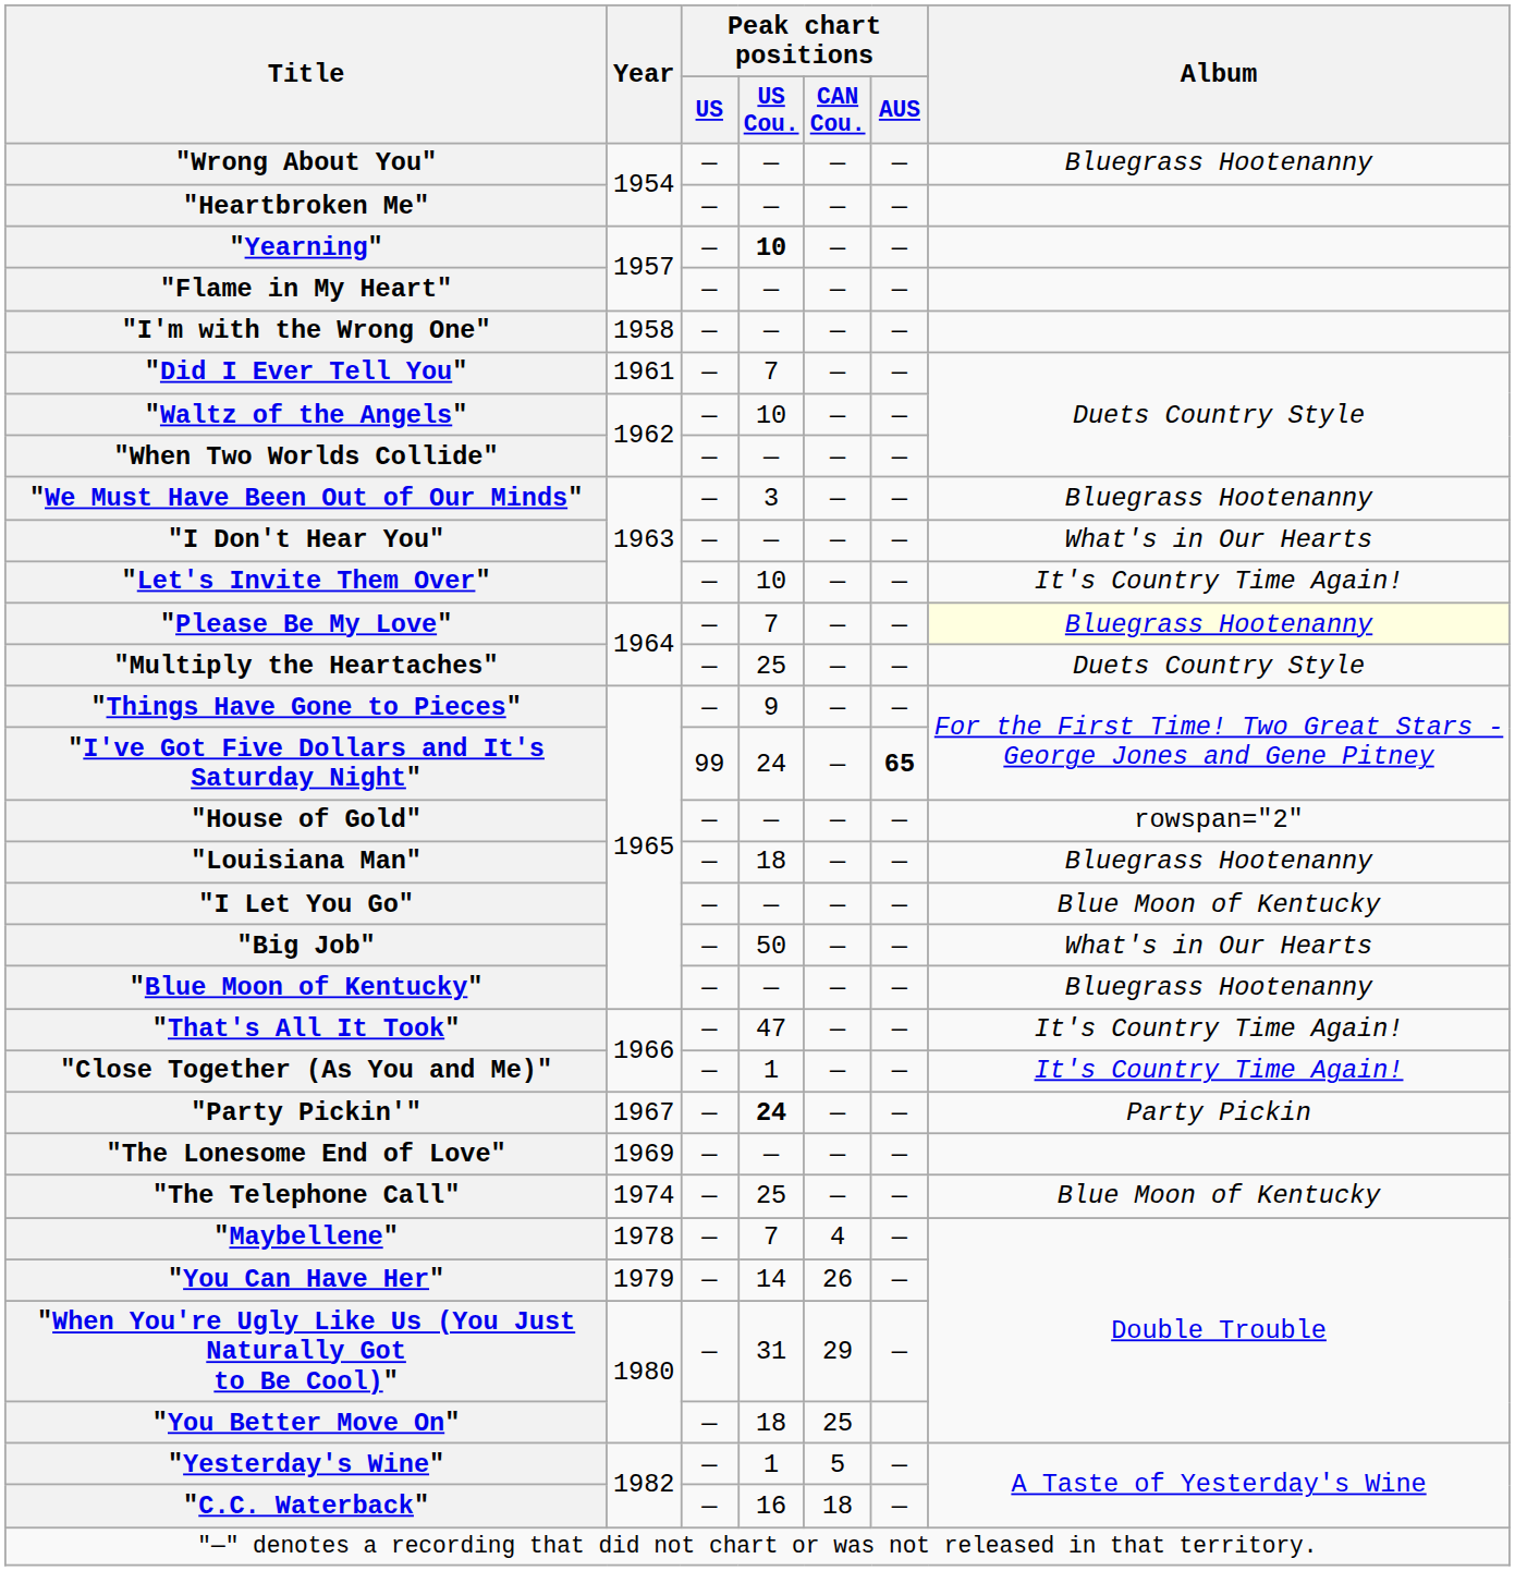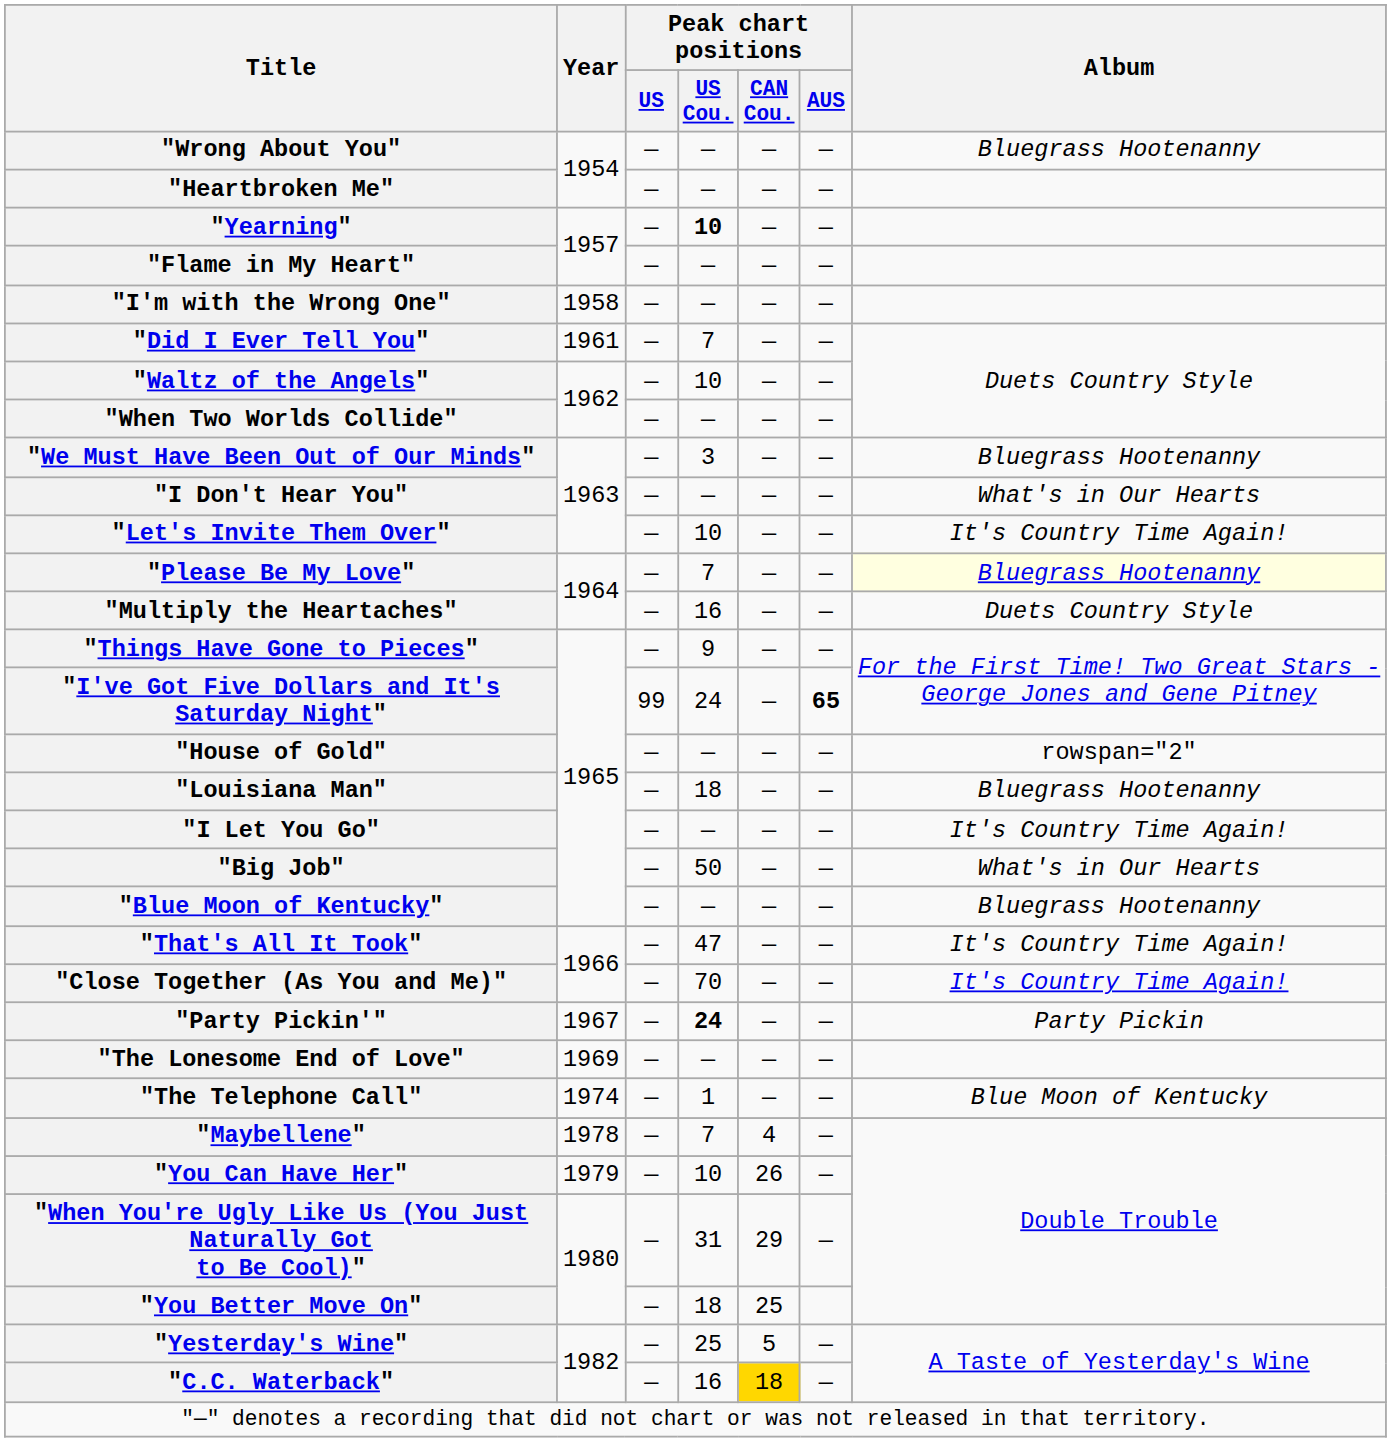 <table class="wikitable plainrowheaders" style="text-align:center;" border="1">
 <tr>
 <th scope="col" rowspan="2" style="width:23em;">Title</th>
 <th scope="col" rowspan="2">Year</th>
 <th scope="col" colspan="4">Peak chart positions</th>
 <th scope="col" rowspan="2">Album</th>
 </tr>
 <tr>
 <th scope="col" style="width:2em;font-size:90%;"><a href='#'>US</a><br></th>
 <th scope="col" style="width:2em;font-size:90%;"><a href='#'>US<br>Cou.</a><br></th>
 <th scope="col" style="width:2em;font-size:90%;"><a href='#'>CAN<br>Cou.</a><br></th>
 <th scope="col" style="width:2em;font-size:90%;"><a href='#'>AUS</a><br></th>
 </tr>
 <tr>
 <th scope="row">"Wrong About You"<br></th>
 <td rowspan="2">1954</td>
 <td>—</td>
 <td>—</td>
 <td>—</td>
 <td>—</td>
 <td><em>Bluegrass Hootenanny</em></td>
 </tr>
 <tr>
 <th scope="row">"Heartbroken Me"<br></th>
 <td>—</td>
 <td>—</td>
 <td>—</td>
 <td>—</td>
 </tr>
 <tr>
 <th scope="row">"<a href='#'>Yearning</a>"<br></th>
 <td rowspan="2">1957</td>
 <td>—</td>
 <td><strong>10</strong></td>
 <td>—</td>
 <td>—</td>
 <td></td>
 </tr>
 <tr>
 <th scope="row">"Flame in My Heart"<br></th>
 <td>—</td>
 <td>—</td>
 <td>—</td>
 <td>—</td>
 <td></td>
 </tr>
 <tr>
 <th scope="row">"I'm with the Wrong One"<br></th>
 <td>1958</td>
 <td>—</td>
 <td>—</td>
 <td>—</td>
 <td>—</td>
 <td></td>
 </tr>
 <tr>
 <th scope="row">"<a href='#'>Did I Ever Tell You</a>"<br></th>
 <td>1961</td>
 <td>—</td>
 <td>7</td>
 <td>—</td>
 <td>—</td>
 <td rowspan="3"><em>Duets Country Style</em></td>
 </tr>
 <tr>
 <th scope="row">"<a href='#'>Waltz of the Angels</a>"<br></th>
 <td rowspan="2">1962</td>
 <td>—</td>
 <td>10</td>
 <td>—</td>
 <td>—</td>
 </tr>
 <tr>
 <th scope="row">"When Two Worlds Collide"<br></th>
 <td>—</td>
 <td>—</td>
 <td>—</td>
 <td>—</td>
 </tr>
 <tr>
 <th scope="row">"<a href='#'>We Must Have Been Out of Our Minds</a>"<br></th>
 <td rowspan="3">1963</td>
 <td>—</td>
 <td>3</td>
 <td>—</td>
 <td>—</td>
 <td><em>Bluegrass Hootenanny</em></td>
 </tr>
 <tr>
 <th scope="row">"I Don't Hear You"<br></th>
 <td>—</td>
 <td>—</td>
 <td>—</td>
 <td>—</td>
 <td><em>What's in Our Hearts</em></td>
 </tr>
 <tr>
 <th scope="row">"<a href='#'>Let's Invite Them Over</a>"<br></th>
 <td>—</td>
 <td>10</td>
 <td>—</td>
 <td>—</td>
 <td><em>It's Country Time Again!</em></td>
 </tr>
 <tr>
 <th scope="row">"<a href='#'>Please Be My Love</a>"<br></th>
 <td rowspan="2">1964</td>
 <td>—</td>
 <td>7</td>
 <td>—</td>
 <td>—</td>
 <td style="background: lightyellow;"><em><a href='#'>Bluegrass Hootenanny</a></em></td>
 </tr>
 <tr>
 <th scope="row">"Multiply the Heartaches"<br></th>
 <td>—</td>
-<td>25</td>
+<td>16</td>
 <td>—</td>
 <td>—</td>
 <td><em>Duets Country Style</em></td>
 </tr>
 <tr>
 <th scope="row">"<a href='#'>Things Have Gone to Pieces</a>"<br></th>
 <td rowspan="7">1965</td>
 <td>—</td>
 <td>9</td>
 <td>—</td>
 <td>—</td>
 <td rowspan="2"><em><a href='#'>For the First Time! Two Great Stars -<br>George Jones and Gene Pitney</a></em></td>
 </tr>
 <tr>
 <th scope="row">"<a href='#'>I've Got Five Dollars and It's Saturday Night</a>"<br></th>
 <td>99</td>
 <td>24</td>
 <td>—</td>
 <td><strong>65</strong></td>
 </tr>
 <tr>
 <th scope="row">"House of Gold"<br></th>
 <td>—</td>
 <td>—</td>
 <td>—</td>
 <td>—</td>
 <td>rowspan="2" </td>
 </tr>
 <tr>
 <th scope="row">"Louisiana Man"<br></th>
 <td>—</td>
 <td>18</td>
 <td>—</td>
 <td>—</td>
 <td><em>Bluegrass Hootenanny</em></td>
 </tr>
 <tr>
 <th scope="row">"I Let You Go"<br></th>
 <td>—</td>
 <td>—</td>
 <td>—</td>
 <td>—</td>
-<td><em>Blue Moon of Kentucky</em></td>
+<td><em>It's Country Time Again!</em></td>
 </tr>
 <tr>
 <th scope="row">"Big Job"<br></th>
 <td>—</td>
 <td>50</td>
 <td>—</td>
 <td>—</td>
 <td><em>What's in Our Hearts</em></td>
 </tr>
 <tr>
 <th scope="row">"<a href='#'>Blue Moon of Kentucky</a>"<br></th>
 <td>—</td>
 <td>—</td>
 <td>—</td>
 <td>—</td>
 <td><em>Bluegrass Hootenanny</em></td>
 </tr>
 <tr>
 <th scope="row">"<a href='#'>That's All It Took</a>"<br></th>
 <td rowspan="2">1966</td>
 <td>—</td>
 <td>47</td>
 <td>—</td>
 <td>—</td>
 <td><em>It's Country Time Again!</em></td>
 </tr>
 <tr>
 <th scope="row">"Close Together (As You and Me)"<br></th>
 <td>—</td>
-<td>1</td>
+<td>70</td>
 <td>—</td>
 <td>—</td>
 <td><em><a href='#'>It's Country Time Again!</a></em></td>
 </tr>
 <tr>
 <th scope="row">"Party Pickin'"<br></th>
 <td>1967</td>
 <td>—</td>
 <td><strong>24</strong></td>
 <td>—</td>
 <td>—</td>
 <td><em>Party Pickin<strong></td>
 </tr>
 <tr>
 <th scope="row">"The Lonesome End of Love"<br></th>
 <td>1969</td>
 <td>—</td>
 <td>—</td>
 <td>—</td>
 <td>—</td>
 <td></td>
 </tr>
 <tr>
 <th scope="row">"The Telephone Call"<br></th>
 <td>1974</td>
 <td>—</td>
-<td>25</td>
+<td>1</td>
 <td>—</td>
 <td>—</td>
 <td><em>Blue Moon of Kentucky</em></td>
 </tr>
 <tr>
 <th scope="row">"<a href='#'>Maybellene</a>"<br></th>
 <td>1978</td>
 <td>—</td>
 <td>7</td>
 <td>4</td>
 <td>—</td>
 <td rowspan="4"></em><a href='#'>Double Trouble</a><em></td>
 </tr>
 <tr>
 <th scope="row">"<a href='#'>You Can Have Her</a>"<br></th>
 <td>1979</td>
 <td>—</td>
-<td>14</td>
+<td>10</td>
 <td>26</td>
 <td>—</td>
 </tr>
 <tr>
 <th scope="row">"<a href='#'>When You're Ugly Like Us (You Just Naturally Got<br>to Be Cool)</a>" </th>
 <td rowspan="2">1980</td>
 <td>—</td>
 <td>31</td>
 <td>29</td>
 <td>—</td>
 </tr>
 <tr>
 <th scope="row">"<a href='#'>You Better Move On</a>"<br></th>
 <td>—</td>
 <td>18</td>
 <td>25</td>
 </tr>
 <tr>
 <th scope="row">"<a href='#'>Yesterday's Wine</a>"<br></th>
 <td rowspan="2">1982</td>
 <td>—</td>
-<td>1</td>
+<td>25</td>
 <td>5</td>
 <td>—</td>
 <td rowspan="2"></em><a href='#'>A Taste of Yesterday's Wine</a><em></td>
 </tr>
 <tr>
 <th scope="row">"<a href='#'>C.C. Waterback</a>"<br></th>
 <td>—</td>
 <td>16</td>
-<td>18</td>
+<td style="background: gold;">18</td>
 <td>—</td>
 </tr>
 <tr>
 <td colspan="7" style="font-size:90%">"—" denotes a recording that did not chart or was not released in that territory.</td>
 </tr>
 </table>
